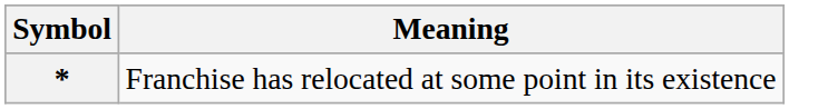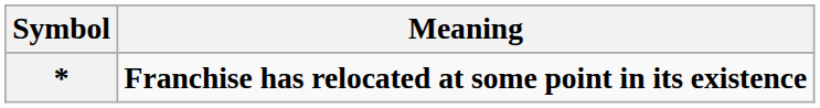 <table class="wikitable plainrowheaders" border="1">
 <tr>
 <th scope="col">Symbol</th>
 <th scope="col">Meaning</th>
 </tr>
 <tr>
 <th scope="row" style="text-align:center;"><strong>*</strong></th>
-<td>Franchise has relocated at some point in its existence</td>
+<td><strong>Franchise has relocated at some point in its existence</strong></td>
 </tr>
 </table>
